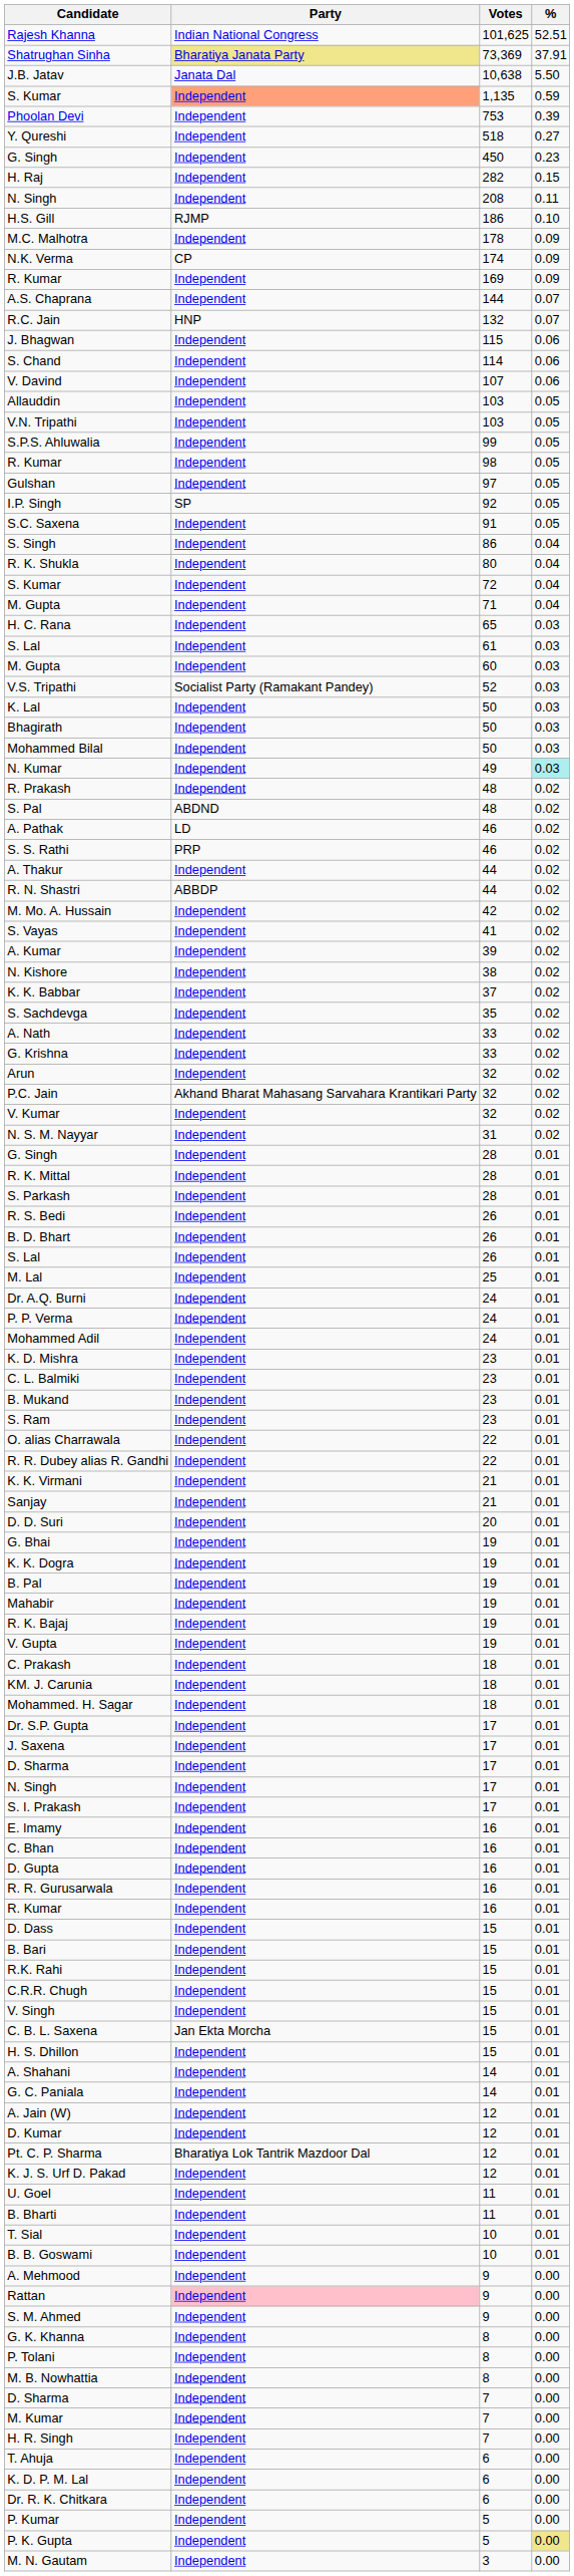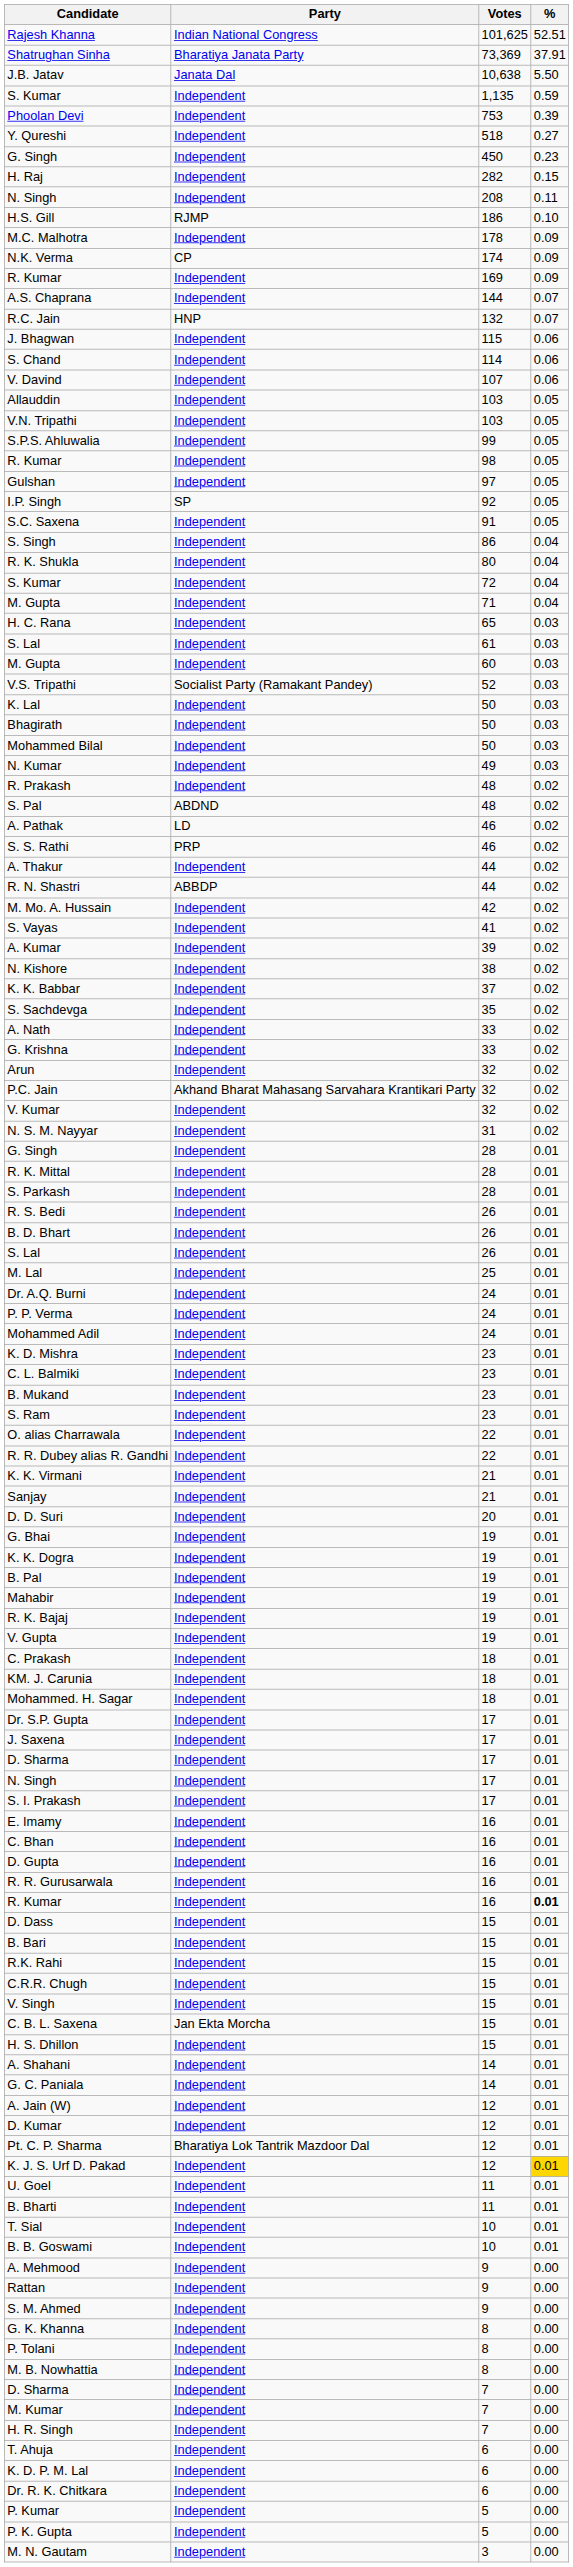 <table class="wikitable">
 <tr>
 <th>Candidate</th>
 <th>Party</th>
 <th>Votes</th>
 <th>%</th>
 </tr>
 <tr>
 <td><a href='#'>Rajesh Khanna</a></td>
 <td><a href='#'>Indian National Congress</a></td>
 <td>101,625</td>
 <td>52.51</td>
 </tr>
 <tr>
 <td><a href='#'>Shatrughan Sinha</a></td>
-<td style="background: khaki;"><a href='#'>Bharatiya Janata Party</a></td>
+<td><a href='#'>Bharatiya Janata Party</a></td>
 <td>73,369</td>
 <td>37.91</td>
 </tr>
 <tr>
 <td>J.B. Jatav</td>
 <td><a href='#'>Janata Dal</a></td>
 <td>10,638</td>
 <td>5.50</td>
 </tr>
 <tr>
 <td>S. Kumar</td>
-<td style="background: lightsalmon;"><a href='#'>Independent</a></td>
+<td><a href='#'>Independent</a></td>
 <td>1,135</td>
 <td>0.59</td>
 </tr>
 <tr>
 <td><a href='#'>Phoolan Devi</a></td>
 <td><a href='#'>Independent</a></td>
 <td>753</td>
 <td>0.39</td>
 </tr>
 <tr>
 <td>Y. Qureshi</td>
 <td><a href='#'>Independent</a></td>
 <td>518</td>
 <td>0.27</td>
 </tr>
 <tr>
 <td>G. Singh</td>
 <td><a href='#'>Independent</a></td>
 <td>450</td>
 <td>0.23</td>
 </tr>
 <tr>
 <td>H. Raj</td>
 <td><a href='#'>Independent</a></td>
 <td>282</td>
 <td>0.15</td>
 </tr>
 <tr>
 <td>N. Singh</td>
 <td><a href='#'>Independent</a></td>
 <td>208</td>
 <td>0.11</td>
 </tr>
 <tr>
 <td>H.S. Gill</td>
 <td>RJMP</td>
 <td>186</td>
 <td>0.10</td>
 </tr>
 <tr>
 <td>M.C. Malhotra</td>
 <td><a href='#'>Independent</a></td>
 <td>178</td>
 <td>0.09</td>
 </tr>
 <tr>
 <td>N.K. Verma</td>
 <td>CP</td>
 <td>174</td>
 <td>0.09</td>
 </tr>
 <tr>
 <td>R. Kumar</td>
 <td><a href='#'>Independent</a></td>
 <td>169</td>
 <td>0.09</td>
 </tr>
 <tr>
 <td>A.S. Chaprana</td>
 <td><a href='#'>Independent</a></td>
 <td>144</td>
 <td>0.07</td>
 </tr>
 <tr>
 <td>R.C. Jain</td>
 <td>HNP</td>
 <td>132</td>
 <td>0.07</td>
 </tr>
 <tr>
 <td>J. Bhagwan</td>
 <td><a href='#'>Independent</a></td>
 <td>115</td>
 <td>0.06</td>
 </tr>
 <tr>
 <td>S. Chand</td>
 <td><a href='#'>Independent</a></td>
 <td>114</td>
 <td>0.06</td>
 </tr>
 <tr>
 <td>V. Davind</td>
 <td><a href='#'>Independent</a></td>
 <td>107</td>
 <td>0.06</td>
 </tr>
 <tr>
 <td>Allauddin</td>
 <td><a href='#'>Independent</a></td>
 <td>103</td>
 <td>0.05</td>
 </tr>
 <tr>
 <td>V.N. Tripathi</td>
 <td><a href='#'>Independent</a></td>
 <td>103</td>
 <td>0.05</td>
 </tr>
 <tr>
 <td>S.P.S. Ahluwalia</td>
 <td><a href='#'>Independent</a></td>
 <td>99</td>
 <td>0.05</td>
 </tr>
 <tr>
 <td>R. Kumar</td>
 <td><a href='#'>Independent</a></td>
 <td>98</td>
 <td>0.05</td>
 </tr>
 <tr>
 <td>Gulshan</td>
 <td><a href='#'>Independent</a></td>
 <td>97</td>
 <td>0.05</td>
 </tr>
 <tr>
 <td>I.P. Singh</td>
 <td>SP</td>
 <td>92</td>
 <td>0.05</td>
 </tr>
 <tr>
 <td>S.C. Saxena</td>
 <td><a href='#'>Independent</a></td>
 <td>91</td>
 <td>0.05</td>
 </tr>
 <tr>
 <td>S. Singh</td>
 <td><a href='#'>Independent</a></td>
 <td>86</td>
 <td>0.04</td>
 </tr>
 <tr>
 <td>R. K. Shukla</td>
 <td><a href='#'>Independent</a></td>
 <td>80</td>
 <td>0.04</td>
 </tr>
 <tr>
 <td>S. Kumar</td>
 <td><a href='#'>Independent</a></td>
 <td>72</td>
 <td>0.04</td>
 </tr>
 <tr>
 <td>M. Gupta</td>
 <td><a href='#'>Independent</a></td>
 <td>71</td>
 <td>0.04</td>
 </tr>
 <tr>
 <td>H. C. Rana</td>
 <td><a href='#'>Independent</a></td>
 <td>65</td>
 <td>0.03</td>
 </tr>
 <tr>
 <td>S. Lal</td>
 <td><a href='#'>Independent</a></td>
 <td>61</td>
 <td>0.03</td>
 </tr>
 <tr>
 <td>M. Gupta</td>
 <td><a href='#'>Independent</a></td>
 <td>60</td>
 <td>0.03</td>
 </tr>
 <tr>
 <td>V.S. Tripathi</td>
 <td>Socialist Party (Ramakant Pandey)</td>
 <td>52</td>
 <td>0.03</td>
 </tr>
 <tr>
 <td>K. Lal</td>
 <td><a href='#'>Independent</a></td>
 <td>50</td>
 <td>0.03</td>
 </tr>
 <tr>
 <td>Bhagirath</td>
 <td><a href='#'>Independent</a></td>
 <td>50</td>
 <td>0.03</td>
 </tr>
 <tr>
 <td>Mohammed Bilal</td>
 <td><a href='#'>Independent</a></td>
 <td>50</td>
 <td>0.03</td>
 </tr>
 <tr>
 <td>N. Kumar</td>
 <td><a href='#'>Independent</a></td>
 <td>49</td>
-<td style="background: paleturquoise;">0.03</td>
+<td>0.03</td>
 </tr>
 <tr>
 <td>R. Prakash</td>
 <td><a href='#'>Independent</a></td>
 <td>48</td>
 <td>0.02</td>
 </tr>
 <tr>
 <td>S. Pal</td>
 <td>ABDND</td>
 <td>48</td>
 <td>0.02</td>
 </tr>
 <tr>
 <td>A. Pathak</td>
 <td>LD</td>
 <td>46</td>
 <td>0.02</td>
 </tr>
 <tr>
 <td>S. S. Rathi</td>
 <td>PRP</td>
 <td>46</td>
 <td>0.02</td>
 </tr>
 <tr>
 <td>A. Thakur</td>
 <td><a href='#'>Independent</a></td>
 <td>44</td>
 <td>0.02</td>
 </tr>
 <tr>
 <td>R. N. Shastri</td>
 <td>ABBDP</td>
 <td>44</td>
 <td>0.02</td>
 </tr>
 <tr>
 <td>M. Mo. A. Hussain</td>
 <td><a href='#'>Independent</a></td>
 <td>42</td>
 <td>0.02</td>
 </tr>
 <tr>
 <td>S. Vayas</td>
 <td><a href='#'>Independent</a></td>
 <td>41</td>
 <td>0.02</td>
 </tr>
 <tr>
 <td>A. Kumar</td>
 <td><a href='#'>Independent</a></td>
 <td>39</td>
 <td>0.02</td>
 </tr>
 <tr>
 <td>N. Kishore</td>
 <td><a href='#'>Independent</a></td>
 <td>38</td>
 <td>0.02</td>
 </tr>
 <tr>
 <td>K. K. Babbar</td>
 <td><a href='#'>Independent</a></td>
 <td>37</td>
 <td>0.02</td>
 </tr>
 <tr>
 <td>S. Sachdevga</td>
 <td><a href='#'>Independent</a></td>
 <td>35</td>
 <td>0.02</td>
 </tr>
 <tr>
 <td>A. Nath</td>
 <td><a href='#'>Independent</a></td>
 <td>33</td>
 <td>0.02</td>
 </tr>
 <tr>
 <td>G. Krishna</td>
 <td><a href='#'>Independent</a></td>
 <td>33</td>
 <td>0.02</td>
 </tr>
 <tr>
 <td>Arun</td>
 <td><a href='#'>Independent</a></td>
 <td>32</td>
 <td>0.02</td>
 </tr>
 <tr>
 <td>P.C. Jain</td>
 <td>Akhand Bharat Mahasang Sarvahara Krantikari Party</td>
 <td>32</td>
 <td>0.02</td>
 </tr>
 <tr>
 <td>V. Kumar</td>
 <td><a href='#'>Independent</a></td>
 <td>32</td>
 <td>0.02</td>
 </tr>
 <tr>
 <td>N. S. M. Nayyar</td>
 <td><a href='#'>Independent</a></td>
 <td>31</td>
 <td>0.02</td>
 </tr>
 <tr>
 <td>G. Singh</td>
 <td><a href='#'>Independent</a></td>
 <td>28</td>
 <td>0.01</td>
 </tr>
 <tr>
 <td>R. K. Mittal</td>
 <td><a href='#'>Independent</a></td>
 <td>28</td>
 <td>0.01</td>
 </tr>
 <tr>
 <td>S. Parkash</td>
 <td><a href='#'>Independent</a></td>
 <td>28</td>
 <td>0.01</td>
 </tr>
 <tr>
 <td>R. S. Bedi</td>
 <td><a href='#'>Independent</a></td>
 <td>26</td>
 <td>0.01</td>
 </tr>
 <tr>
 <td>B. D. Bhart</td>
 <td><a href='#'>Independent</a></td>
 <td>26</td>
 <td>0.01</td>
 </tr>
 <tr>
 <td>S. Lal</td>
 <td><a href='#'>Independent</a></td>
 <td>26</td>
 <td>0.01</td>
 </tr>
 <tr>
 <td>M. Lal</td>
 <td><a href='#'>Independent</a></td>
 <td>25</td>
 <td>0.01</td>
 </tr>
 <tr>
 <td>Dr. A.Q. Burni</td>
 <td><a href='#'>Independent</a></td>
 <td>24</td>
 <td>0.01</td>
 </tr>
 <tr>
 <td>P. P. Verma</td>
 <td><a href='#'>Independent</a></td>
 <td>24</td>
 <td>0.01</td>
 </tr>
 <tr>
 <td>Mohammed Adil</td>
 <td><a href='#'>Independent</a></td>
 <td>24</td>
 <td>0.01</td>
 </tr>
 <tr>
 <td>K. D. Mishra</td>
 <td><a href='#'>Independent</a></td>
 <td>23</td>
 <td>0.01</td>
 </tr>
 <tr>
 <td>C. L. Balmiki</td>
 <td><a href='#'>Independent</a></td>
 <td>23</td>
 <td>0.01</td>
 </tr>
 <tr>
 <td>B. Mukand</td>
 <td><a href='#'>Independent</a></td>
 <td>23</td>
 <td>0.01</td>
 </tr>
 <tr>
 <td>S. Ram</td>
 <td><a href='#'>Independent</a></td>
 <td>23</td>
 <td>0.01</td>
 </tr>
 <tr>
 <td>O. alias Charrawala</td>
 <td><a href='#'>Independent</a></td>
 <td>22</td>
 <td>0.01</td>
 </tr>
 <tr>
 <td>R. R. Dubey alias R. Gandhi</td>
 <td><a href='#'>Independent</a></td>
 <td>22</td>
 <td>0.01</td>
 </tr>
 <tr>
 <td>K. K. Virmani</td>
 <td><a href='#'>Independent</a></td>
 <td>21</td>
 <td>0.01</td>
 </tr>
 <tr>
 <td>Sanjay</td>
 <td><a href='#'>Independent</a></td>
 <td>21</td>
 <td>0.01</td>
 </tr>
 <tr>
 <td>D. D. Suri</td>
 <td><a href='#'>Independent</a></td>
 <td>20</td>
 <td>0.01</td>
 </tr>
 <tr>
 <td>G. Bhai</td>
 <td><a href='#'>Independent</a></td>
 <td>19</td>
 <td>0.01</td>
 </tr>
 <tr>
 <td>K. K. Dogra</td>
 <td><a href='#'>Independent</a></td>
 <td>19</td>
 <td>0.01</td>
 </tr>
 <tr>
 <td>B. Pal</td>
 <td><a href='#'>Independent</a></td>
 <td>19</td>
 <td>0.01</td>
 </tr>
 <tr>
 <td>Mahabir</td>
 <td><a href='#'>Independent</a></td>
 <td>19</td>
 <td>0.01</td>
 </tr>
 <tr>
 <td>R. K. Bajaj</td>
 <td><a href='#'>Independent</a></td>
 <td>19</td>
 <td>0.01</td>
 </tr>
 <tr>
 <td>V. Gupta</td>
 <td><a href='#'>Independent</a></td>
 <td>19</td>
 <td>0.01</td>
 </tr>
 <tr>
 <td>C. Prakash</td>
 <td><a href='#'>Independent</a></td>
 <td>18</td>
 <td>0.01</td>
 </tr>
 <tr>
 <td>KM. J. Carunia</td>
 <td><a href='#'>Independent</a></td>
 <td>18</td>
 <td>0.01</td>
 </tr>
 <tr>
 <td>Mohammed. H. Sagar</td>
 <td><a href='#'>Independent</a></td>
 <td>18</td>
 <td>0.01</td>
 </tr>
 <tr>
 <td>Dr. S.P. Gupta</td>
 <td><a href='#'>Independent</a></td>
 <td>17</td>
 <td>0.01</td>
 </tr>
 <tr>
 <td>J. Saxena</td>
 <td><a href='#'>Independent</a></td>
 <td>17</td>
 <td>0.01</td>
 </tr>
 <tr>
 <td>D. Sharma</td>
 <td><a href='#'>Independent</a></td>
 <td>17</td>
 <td>0.01</td>
 </tr>
 <tr>
 <td>N. Singh</td>
 <td><a href='#'>Independent</a></td>
 <td>17</td>
 <td>0.01</td>
 </tr>
 <tr>
 <td>S. I. Prakash</td>
 <td><a href='#'>Independent</a></td>
 <td>17</td>
 <td>0.01</td>
 </tr>
 <tr>
 <td>E. Imamy</td>
 <td><a href='#'>Independent</a></td>
 <td>16</td>
 <td>0.01</td>
 </tr>
 <tr>
 <td>C. Bhan</td>
 <td><a href='#'>Independent</a></td>
 <td>16</td>
 <td>0.01</td>
 </tr>
 <tr>
 <td>D. Gupta</td>
 <td><a href='#'>Independent</a></td>
 <td>16</td>
 <td>0.01</td>
 </tr>
 <tr>
 <td>R. R. Gurusarwala</td>
 <td><a href='#'>Independent</a></td>
 <td>16</td>
 <td>0.01</td>
 </tr>
 <tr>
 <td>R. Kumar</td>
 <td><a href='#'>Independent</a></td>
 <td>16</td>
-<td>0.01</td>
+<td><strong>0.01</strong></td>
 </tr>
 <tr>
 <td>D. Dass</td>
 <td><a href='#'>Independent</a></td>
 <td>15</td>
 <td>0.01</td>
 </tr>
 <tr>
 <td>B. Bari</td>
 <td><a href='#'>Independent</a></td>
 <td>15</td>
 <td>0.01</td>
 </tr>
 <tr>
 <td>R.K. Rahi</td>
 <td><a href='#'>Independent</a></td>
 <td>15</td>
 <td>0.01</td>
 </tr>
 <tr>
 <td>C.R.R. Chugh</td>
 <td><a href='#'>Independent</a></td>
 <td>15</td>
 <td>0.01</td>
 </tr>
 <tr>
 <td>V. Singh</td>
 <td><a href='#'>Independent</a></td>
 <td>15</td>
 <td>0.01</td>
 </tr>
 <tr>
 <td>C. B. L. Saxena</td>
 <td>Jan Ekta Morcha</td>
 <td>15</td>
 <td>0.01</td>
 </tr>
 <tr>
 <td>H. S. Dhillon</td>
 <td><a href='#'>Independent</a></td>
 <td>15</td>
 <td>0.01</td>
 </tr>
 <tr>
 <td>A. Shahani</td>
 <td><a href='#'>Independent</a></td>
 <td>14</td>
 <td>0.01</td>
 </tr>
 <tr>
 <td>G. C. Paniala</td>
 <td><a href='#'>Independent</a></td>
 <td>14</td>
 <td>0.01</td>
 </tr>
 <tr>
 <td>A. Jain (W)</td>
 <td><a href='#'>Independent</a></td>
 <td>12</td>
 <td>0.01</td>
 </tr>
 <tr>
 <td>D. Kumar</td>
 <td><a href='#'>Independent</a></td>
 <td>12</td>
 <td>0.01</td>
 </tr>
 <tr>
 <td>Pt. C. P. Sharma</td>
 <td>Bharatiya Lok Tantrik Mazdoor Dal</td>
 <td>12</td>
 <td>0.01</td>
 </tr>
 <tr>
 <td>K. J. S. Urf D. Pakad</td>
 <td><a href='#'>Independent</a></td>
 <td>12</td>
-<td>0.01</td>
+<td style="background: gold;">0.01</td>
 </tr>
 <tr>
 <td>U. Goel</td>
 <td><a href='#'>Independent</a></td>
 <td>11</td>
 <td>0.01</td>
 </tr>
 <tr>
 <td>B. Bharti</td>
 <td><a href='#'>Independent</a></td>
 <td>11</td>
 <td>0.01</td>
 </tr>
 <tr>
 <td>T. Sial</td>
 <td><a href='#'>Independent</a></td>
 <td>10</td>
 <td>0.01</td>
 </tr>
 <tr>
 <td>B. B. Goswami</td>
 <td><a href='#'>Independent</a></td>
 <td>10</td>
 <td>0.01</td>
 </tr>
 <tr>
 <td>A. Mehmood</td>
 <td><a href='#'>Independent</a></td>
 <td>9</td>
 <td>0.00</td>
 </tr>
 <tr>
 <td>Rattan</td>
-<td style="background: pink;"><a href='#'>Independent</a></td>
+<td><a href='#'>Independent</a></td>
 <td>9</td>
 <td>0.00</td>
 </tr>
 <tr>
 <td>S. M. Ahmed</td>
 <td><a href='#'>Independent</a></td>
 <td>9</td>
 <td>0.00</td>
 </tr>
 <tr>
 <td>G. K. Khanna</td>
 <td><a href='#'>Independent</a></td>
 <td>8</td>
 <td>0.00</td>
 </tr>
 <tr>
 <td>P. Tolani</td>
 <td><a href='#'>Independent</a></td>
 <td>8</td>
 <td>0.00</td>
 </tr>
 <tr>
 <td>M. B. Nowhattia</td>
 <td><a href='#'>Independent</a></td>
 <td>8</td>
 <td>0.00</td>
 </tr>
 <tr>
 <td>D. Sharma</td>
 <td><a href='#'>Independent</a></td>
 <td>7</td>
 <td>0.00</td>
 </tr>
 <tr>
 <td>M. Kumar</td>
 <td><a href='#'>Independent</a></td>
 <td>7</td>
 <td>0.00</td>
 </tr>
 <tr>
 <td>H. R. Singh</td>
 <td><a href='#'>Independent</a></td>
 <td>7</td>
 <td>0.00</td>
 </tr>
 <tr>
 <td>T. Ahuja</td>
 <td><a href='#'>Independent</a></td>
 <td>6</td>
 <td>0.00</td>
 </tr>
 <tr>
 <td>K. D. P. M. Lal</td>
 <td><a href='#'>Independent</a></td>
 <td>6</td>
 <td>0.00</td>
 </tr>
 <tr>
 <td>Dr. R. K. Chitkara</td>
 <td><a href='#'>Independent</a></td>
 <td>6</td>
 <td>0.00</td>
 </tr>
 <tr>
 <td>P. Kumar</td>
 <td><a href='#'>Independent</a></td>
 <td>5</td>
 <td>0.00</td>
 </tr>
 <tr>
 <td>P. K. Gupta</td>
 <td><a href='#'>Independent</a></td>
 <td>5</td>
-<td style="background: khaki;">0.00</td>
+<td>0.00</td>
 </tr>
 <tr>
 <td>M. N. Gautam</td>
 <td><a href='#'>Independent</a></td>
 <td>3</td>
 <td>0.00</td>
 </tr>
 </table>
